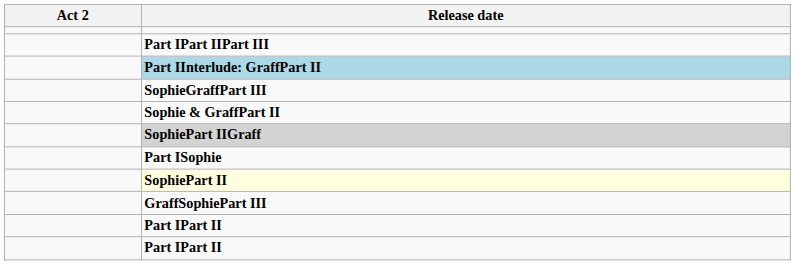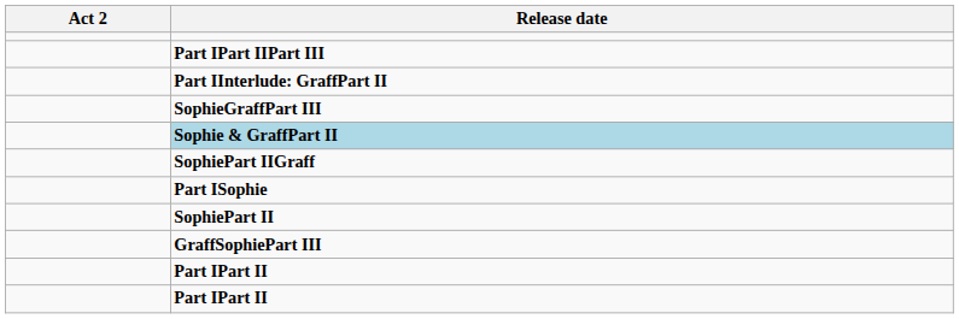 <table style="width:100%;" class="wikitable">
 <tr>
 <th>Act 2</th>
 <th>Release date</th>
 </tr>
 <tr>
 <td></td>
 <td></td>
 </tr>
 <tr>
 <td></td>
 <td><strong>Part I</strong><strong>Part II</strong><strong>Part III</strong></td>
 </tr>
 <tr>
 <td></td>
-<td style="background: lightblue;"><strong>Part I</strong><strong>Interlude: Graff</strong><strong>Part II</strong></td>
+<td><strong>Part I</strong><strong>Interlude: Graff</strong><strong>Part II</strong></td>
 </tr>
 <tr>
 <td></td>
 <td><strong>Sophie</strong><strong>Graff</strong><strong>Part III</strong></td>
 </tr>
 <tr>
 <td></td>
-<td><strong>Sophie & Graff</strong><strong>Part II</strong></td>
+<td style="background: lightblue;"><strong>Sophie & Graff</strong><strong>Part II</strong></td>
 </tr>
 <tr>
 <td></td>
-<td style="background: lightgrey;"><strong>Sophie</strong><strong>Part II</strong><strong>Graff</strong></td>
+<td><strong>Sophie</strong><strong>Part II</strong><strong>Graff</strong></td>
 </tr>
 <tr>
 <td></td>
 <td><strong>Part I</strong><strong>Sophie</strong></td>
 </tr>
 <tr>
 <td></td>
-<td style="background: lightyellow;"><strong>Sophie</strong><strong>Part II</strong></td>
+<td><strong>Sophie</strong><strong>Part II</strong></td>
 </tr>
 <tr>
 <td></td>
 <td><strong>Graff</strong><strong>Sophie</strong><strong>Part III</strong></td>
 </tr>
 <tr>
 <td></td>
 <td><strong>Part I</strong><strong>Part II</strong></td>
 </tr>
 <tr>
 <td></td>
 <td><strong>Part I</strong><strong>Part II</strong></td>
 </tr>
 </table>
